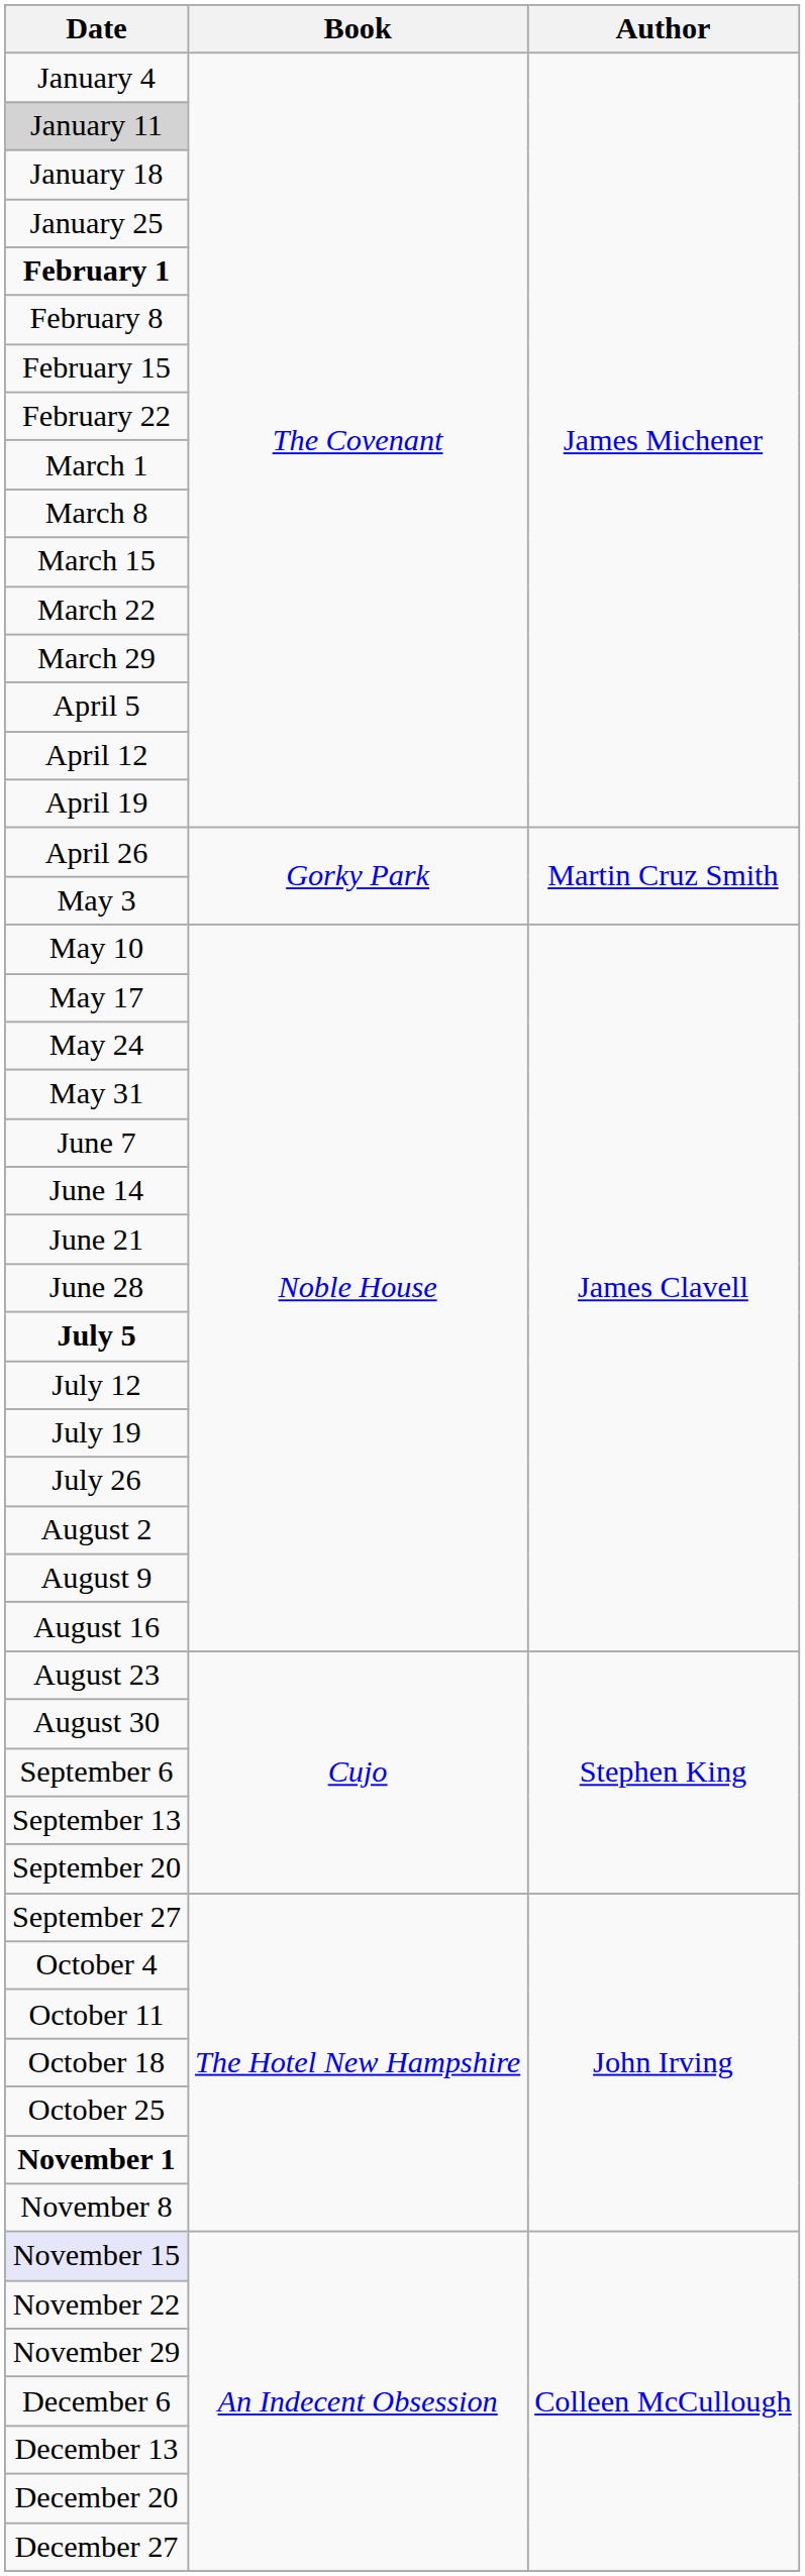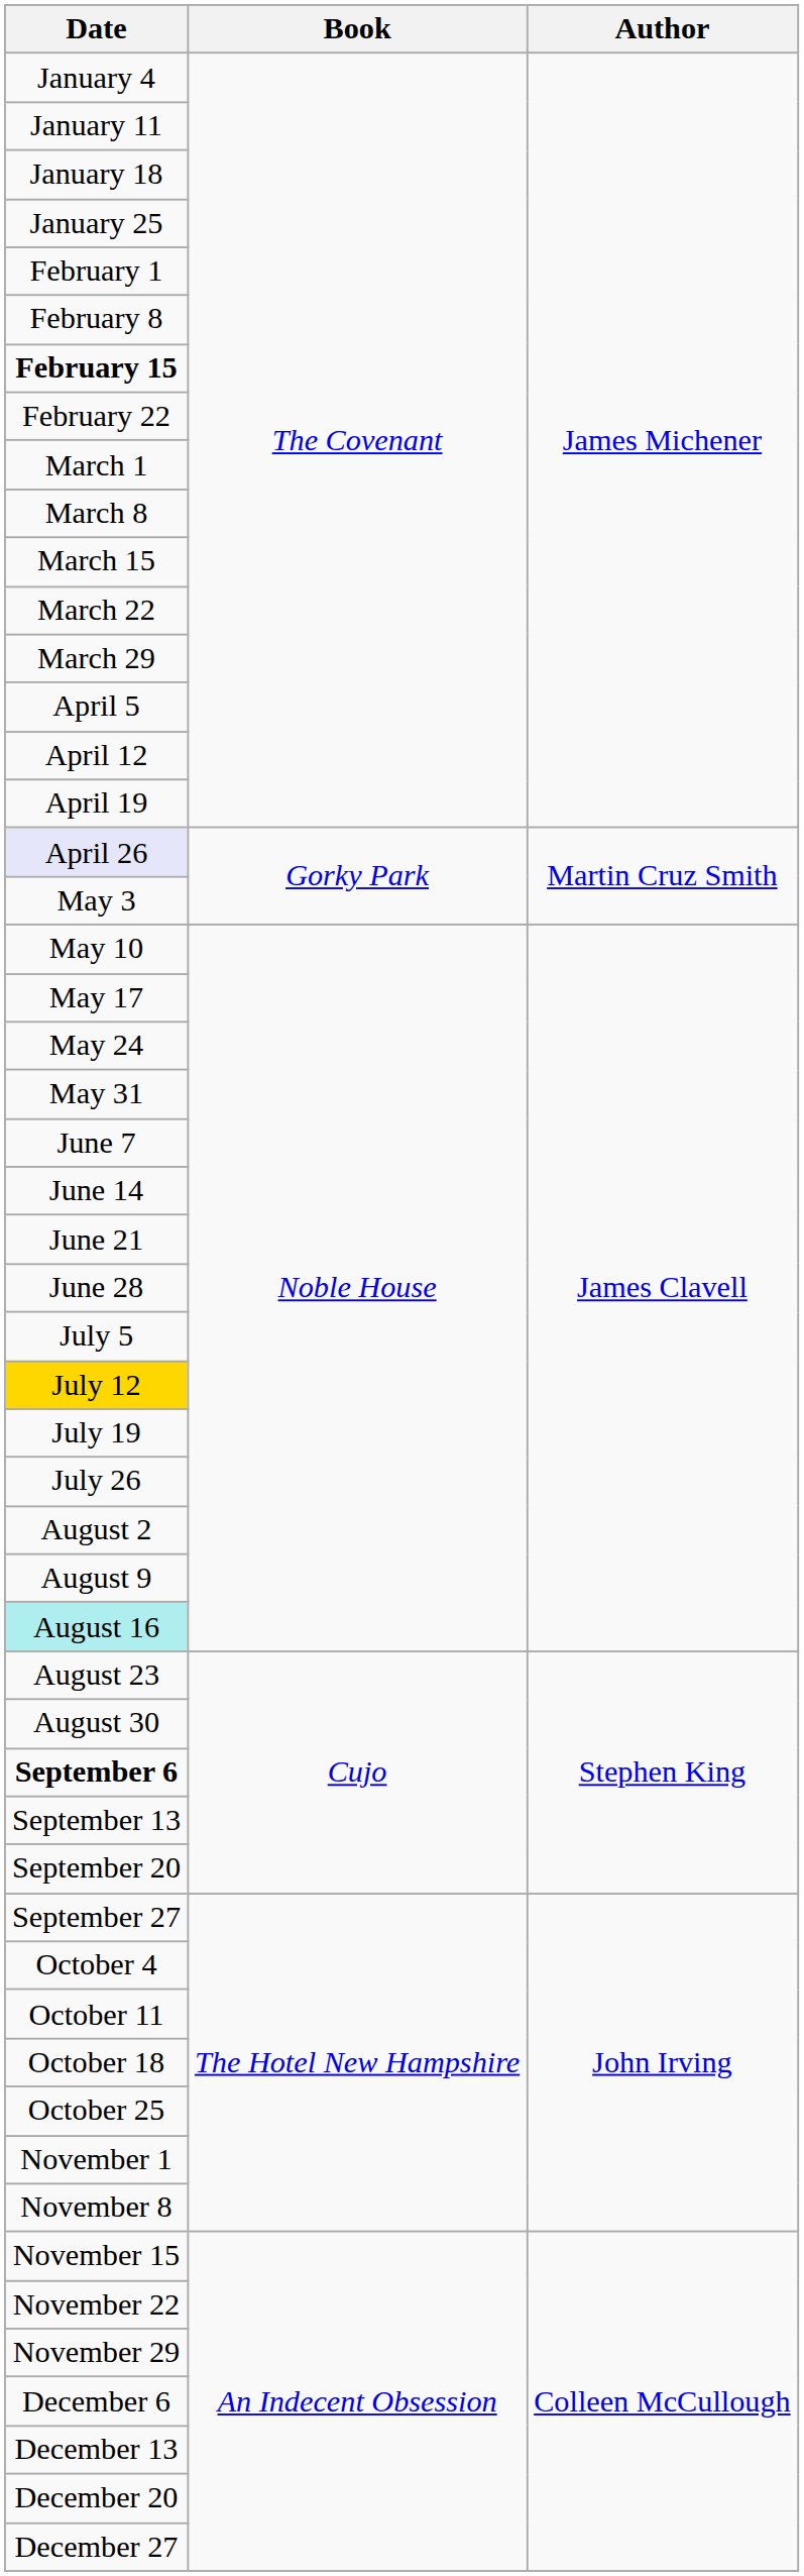 <table class="wikitable sortable" style="text-align: center">
 <tr>
 <th>Date</th>
 <th>Book</th>
 <th>Author</th>
 </tr>
 <tr>
 <td>January 4</td>
 <td rowspan=16><em><a href='#'>The Covenant</a></em></td>
 <td rowspan=16><a href='#'>James Michener</a></td>
 </tr>
 <tr>
-<td style="background: lightgrey;">January 11</td>
+<td>January 11</td>
 </tr>
 <tr>
 <td>January 18</td>
 </tr>
 <tr>
 <td>January 25</td>
 </tr>
 <tr>
-<td><strong>February 1</strong></td>
+<td>February 1</td>
 </tr>
 <tr>
 <td>February 8</td>
 </tr>
 <tr>
-<td>February 15</td>
+<td><strong>February 15</strong></td>
 </tr>
 <tr>
 <td>February 22</td>
 </tr>
 <tr>
 <td>March 1</td>
 </tr>
 <tr>
 <td>March 8</td>
 </tr>
 <tr>
 <td>March 15</td>
 </tr>
 <tr>
 <td>March 22</td>
 </tr>
 <tr>
 <td>March 29</td>
 </tr>
 <tr>
 <td>April 5</td>
 </tr>
 <tr>
 <td>April 12</td>
 </tr>
 <tr>
 <td>April 19</td>
 </tr>
 <tr>
-<td>April 26</td>
+<td style="background: lavender;">April 26</td>
 <td rowspan=2><em><a href='#'>Gorky Park</a></em></td>
 <td rowspan=2><a href='#'>Martin Cruz Smith</a></td>
 </tr>
 <tr>
 <td>May 3</td>
 </tr>
 <tr>
 <td>May 10</td>
 <td rowspan=15><em><a href='#'>Noble House</a></em></td>
 <td rowspan=15><a href='#'>James Clavell</a></td>
 </tr>
 <tr>
 <td>May 17</td>
 </tr>
 <tr>
 <td>May 24</td>
 </tr>
 <tr>
 <td>May 31</td>
 </tr>
 <tr>
 <td>June 7</td>
 </tr>
 <tr>
 <td>June 14</td>
 </tr>
 <tr>
 <td>June 21</td>
 </tr>
 <tr>
 <td>June 28</td>
 </tr>
 <tr>
-<td><strong>July 5</strong></td>
+<td>July 5</td>
 </tr>
 <tr>
-<td>July 12</td>
+<td style="background: gold;">July 12</td>
 </tr>
 <tr>
 <td>July 19</td>
 </tr>
 <tr>
 <td>July 26</td>
 </tr>
 <tr>
 <td>August 2</td>
 </tr>
 <tr>
 <td>August 9</td>
 </tr>
 <tr>
-<td>August 16</td>
+<td style="background: paleturquoise;">August 16</td>
 </tr>
 <tr>
 <td>August 23</td>
 <td rowspan=5><em><a href='#'>Cujo</a></em></td>
 <td rowspan=5><a href='#'>Stephen King</a></td>
 </tr>
 <tr>
 <td>August 30</td>
 </tr>
 <tr>
-<td>September 6</td>
+<td><strong>September 6</strong></td>
 </tr>
 <tr>
 <td>September 13</td>
 </tr>
 <tr>
 <td>September 20</td>
 </tr>
 <tr>
 <td>September 27</td>
 <td rowspan=7><em><a href='#'>The Hotel New Hampshire</a></em></td>
 <td rowspan=7><a href='#'>John Irving</a></td>
 </tr>
 <tr>
 <td>October 4</td>
 </tr>
 <tr>
 <td>October 11</td>
 </tr>
 <tr>
 <td>October 18</td>
 </tr>
 <tr>
 <td>October 25</td>
 </tr>
 <tr>
-<td><strong>November 1</strong></td>
+<td>November 1</td>
 </tr>
 <tr>
 <td>November 8</td>
 </tr>
 <tr>
-<td style="background: lavender;">November 15</td>
+<td>November 15</td>
 <td rowspan=7><em><a href='#'>An Indecent Obsession</a></em></td>
 <td rowspan=7><a href='#'>Colleen McCullough</a></td>
 </tr>
 <tr>
 <td>November 22</td>
 </tr>
 <tr>
 <td>November 29</td>
 </tr>
 <tr>
 <td>December 6</td>
 </tr>
 <tr>
 <td>December 13</td>
 </tr>
 <tr>
 <td>December 20</td>
 </tr>
 <tr>
 <td>December 27</td>
 </tr>
 </table>
